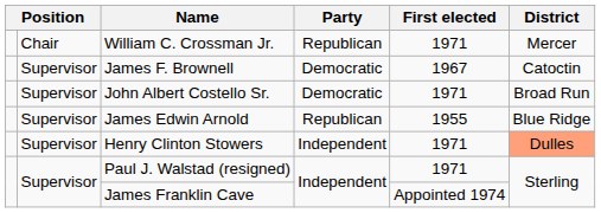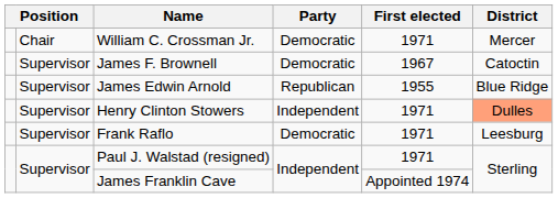 <table class="wikitable">
 <tr>
 <th colspan="2">Position</th>
 <th>Name</th>
 <th>Party</th>
 <th>First elected</th>
 <th>District</th>
 </tr>
 <tr>
 <td style="background-color:"> </td>
 <td>Chair</td>
 <td>William C. Crossman Jr.</td>
-<td style="text-align:center;">Republican</td>
+<td style="text-align:center;">Democratic</td>
 <td style="text-align:center;">1971</td>
 <td style="text-align:center;">Mercer</td>
 </tr>
 <tr>
 <td style="background-color:"> </td>
 <td>Supervisor</td>
 <td>James F. Brownell</td>
 <td style="text-align:center;">Democratic</td>
 <td style="text-align:center;">1967</td>
 <td style="text-align:center;">Catoctin</td>
-</tr>
-<tr>
-<td style="background-color:"> </td>
-<td>Supervisor</td>
-<td>John Albert Costello Sr.</td>
-<td style="text-align:center;">Democratic</td>
-<td style="text-align:center;">1971</td>
-<td style="text-align:center;">Broad Run</td>
 </tr>
 <tr>
 <td style="background-color:"> </td>
 <td>Supervisor</td>
 <td>James Edwin Arnold</td>
 <td style="text-align:center;">Republican</td>
 <td style="text-align:center;">1955</td>
 <td style="text-align:center;">Blue Ridge</td>
 </tr>
 <tr>
 <td style="background-color:"> </td>
 <td>Supervisor</td>
 <td>Henry Clinton Stowers</td>
 <td style="text-align:center;">Independent</td>
 <td style="text-align:center;">1971</td>
 <td style="background: lightsalmon; text-align:center;">Dulles</td>
 </tr>
 <tr>
+<td style="background-color:"> </td>
+<td>Supervisor</td>
+<td>Frank Raflo</td>
+<td style="text-align:center;">Democratic</td>
+<td style="text-align:center;">1971</td>
+<td style="text-align:center;">Leesburg</td>
+</tr>
+<tr>
 <td rowspan="2" style="background-color:"> </td>
 <td rowspan="2">Supervisor</td>
 <td>Paul J. Walstad (resigned)</td>
 <td rowspan="2" style="text-align:center;">Independent</td>
 <td style="text-align:center;">1971</td>
 <td rowspan="2" style="text-align:center;">Sterling</td>
 </tr>
 <tr>
 <td>James Franklin Cave</td>
 <td style="text-align:center;">Appointed 1974</td>
 </tr>
 </table>
